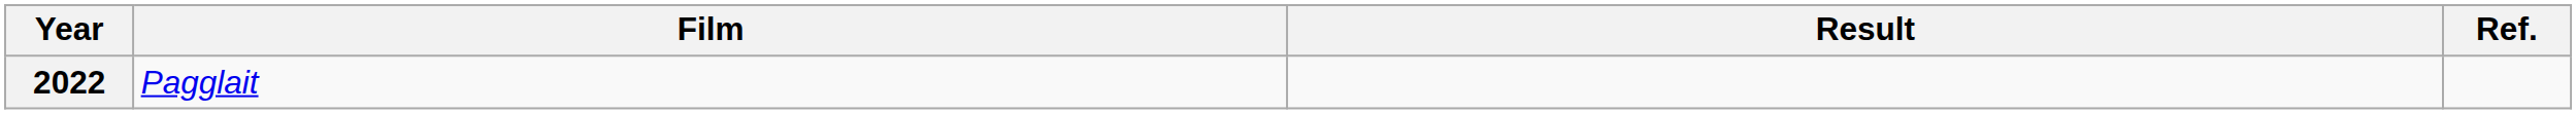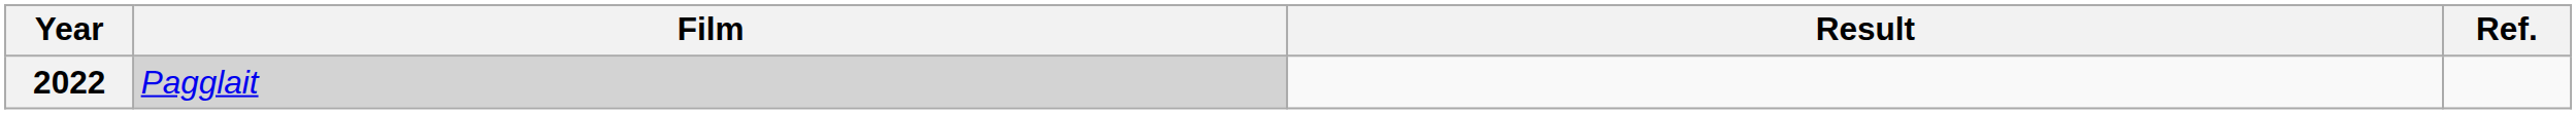 <table class="wikitable plainrowheaders" width="100%" textcolor:#000;">
 <tr>
 <th scope="col" width=5%><strong>Year</strong></th>
 <th scope="col" width=45%><strong>Film</strong></th>
 <th scope="col" width=45%><strong>Result</strong></th>
 <th scope="col" width=5%><strong>Ref.</strong></th>
 </tr>
 <tr>
 <th scope="row">2022</th>
-<td><em><a href='#'>Pagglait</a></em></td>
+<td style="background: lightgrey;"><em><a href='#'>Pagglait</a></em></td>
 <td></td>
 <td rowspan="2"></td>
 </tr>
 </table>
